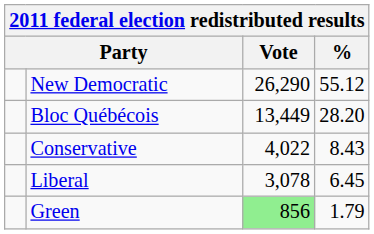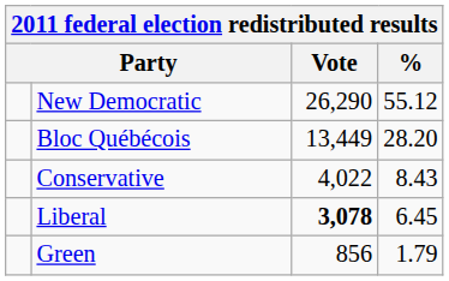 <table class="wikitable">
 <tr>
 <th colspan="4"><a href='#'>2011 federal election</a> redistributed results</th>
 </tr>
 <tr>
 <th bgcolor="#DDDDFF" width="130px" colspan="2">Party</th>
 <th bgcolor="#DDDDFF" width="50px">Vote</th>
 <th bgcolor="#DDDDFF" width="30px">%</th>
 </tr>
 <tr>
 <td> </td>
 <td><a href='#'>New Democratic</a></td>
 <td align=right>26,290</td>
 <td align=right>55.12</td>
 </tr>
 <tr>
 <td> </td>
 <td><a href='#'>Bloc Québécois</a></td>
 <td align=right>13,449</td>
 <td align=right>28.20</td>
 </tr>
 <tr>
 <td> </td>
 <td><a href='#'>Conservative</a></td>
 <td align=right>4,022</td>
 <td align=right>8.43</td>
 </tr>
 <tr>
 <td> </td>
 <td><a href='#'>Liberal</a></td>
-<td align=right>3,078</td>
+<td align=right><strong>3,078</strong></td>
 <td align=right>6.45</td>
 </tr>
 <tr>
 <td> </td>
 <td><a href='#'>Green</a></td>
-<td align=right style="background: lightgreen;">856</td>
+<td align=right>856</td>
 <td align=right>1.79</td>
 </tr>
 </table>
